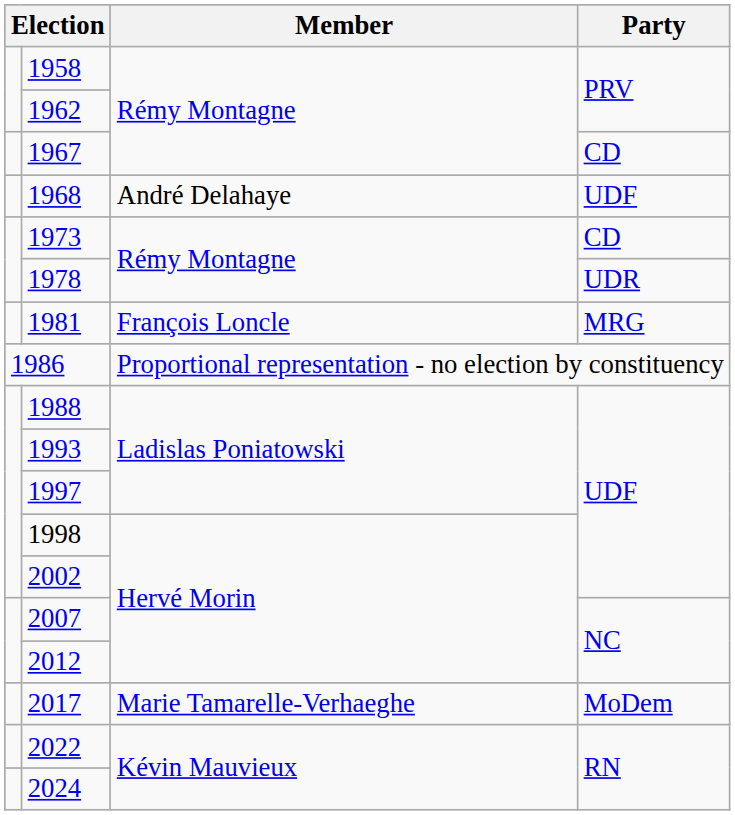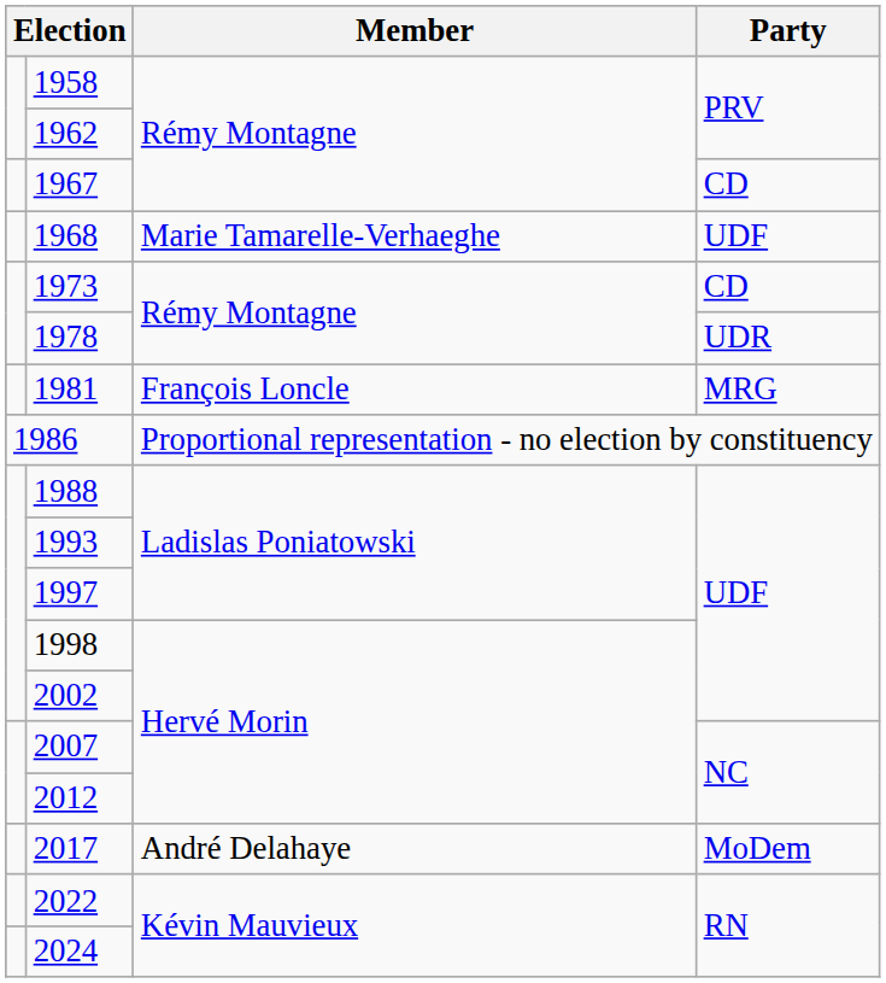 <table class="wikitable">
 <tr>
 <th colspan="2">Election</th>
 <th>Member</th>
 <th>Party</th>
 </tr>
 <tr>
 <td rowspan="2" style="color:inherit;background:"></td>
 <td><a href='#'>1958</a></td>
 <td rowspan="3"><a href='#'>Rémy Montagne</a></td>
 <td rowspan="2"><a href='#'>PRV</a></td>
 </tr>
 <tr>
 <td><a href='#'>1962</a></td>
 </tr>
 <tr>
 <td style="color:inherit;background:"></td>
 <td><a href='#'>1967</a></td>
 <td><a href='#'>CD</a></td>
 </tr>
 <tr>
 <td style="color:inherit;background:"></td>
 <td><a href='#'>1968</a></td>
-<td>André Delahaye</td>
+<td><a href='#'>Marie Tamarelle-Verhaeghe</a></td>
 <td><a href='#'>UDF</a></td>
 </tr>
 <tr>
 <td rowspan="2" style="color:inherit;background:"></td>
 <td><a href='#'>1973</a></td>
 <td rowspan="2"><a href='#'>Rémy Montagne</a></td>
 <td><a href='#'>CD</a></td>
 </tr>
 <tr>
 <td><a href='#'>1978</a></td>
 <td><a href='#'>UDR</a></td>
 </tr>
 <tr>
 <td style="color:inherit;background:"></td>
 <td><a href='#'>1981</a></td>
 <td><a href='#'>François Loncle</a></td>
 <td><a href='#'>MRG</a></td>
 </tr>
 <tr>
 <td colspan="2"><a href='#'>1986</a></td>
 <td colspan="2"><a href='#'>Proportional representation</a> - no election by constituency</td>
 </tr>
 <tr>
 <td rowspan="5" style="color:inherit;background:"></td>
 <td><a href='#'>1988</a></td>
 <td rowspan="3"><a href='#'>Ladislas Poniatowski</a></td>
 <td rowspan="5"><a href='#'>UDF</a></td>
 </tr>
 <tr>
 <td><a href='#'>1993</a></td>
 </tr>
 <tr>
 <td><a href='#'>1997</a></td>
 </tr>
 <tr>
 <td>1998</td>
 <td rowspan="4"><a href='#'>Hervé Morin</a></td>
 </tr>
 <tr>
 <td><a href='#'>2002</a></td>
 </tr>
 <tr>
 <td rowspan="2" style="color:inherit;background:"></td>
 <td><a href='#'>2007</a></td>
 <td rowspan="2"><a href='#'>NC</a></td>
 </tr>
 <tr>
 <td><a href='#'>2012</a></td>
 </tr>
 <tr>
 <td style="color:inherit;background:"></td>
 <td><a href='#'>2017</a></td>
-<td><a href='#'>Marie Tamarelle-Verhaeghe</a></td>
+<td>André Delahaye</td>
 <td><a href='#'>MoDem</a></td>
 </tr>
 <tr>
 <td style="color:inherit;background:"></td>
 <td><a href='#'>2022</a></td>
 <td rowspan="2"><a href='#'>Kévin Mauvieux</a></td>
 <td rowspan="2"><a href='#'>RN</a></td>
 </tr>
 <tr>
 <td style="color:inherit;background:"></td>
 <td><a href='#'>2024</a></td>
 </tr>
 </table>
